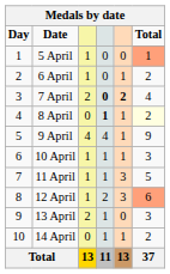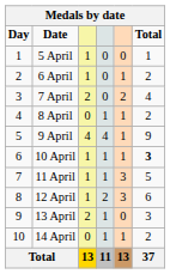 <table class="wikitable" style="font-size:80%; float:right; text-align:center">
 <tr>
 <th colspan=6>Medals by date</th>
 </tr>
 <tr align=center>
 <td><strong>Day</strong></td>
 <td><strong>Date</strong></td>
 <td bgcolor=#f7f6a8></td>
 <td bgcolor=#dce5e5></td>
 <td bgcolor=#ffdab9></td>
 <td><strong>Total</strong></td>
 </tr>
 <tr align=centre>
 <td>1</td>
 <td>5 April</td>
 <td bgcolor=#f7f6a8>1</td>
 <td bgcolor=#dce5e5>0</td>
 <td bgcolor=#ffdab9>0</td>
-<td style="background: lightsalmon;">1</td>
+<td>1</td>
 </tr>
 <tr align=center>
 <td>2</td>
 <td>6 April</td>
 <td bgcolor=#f7f6a8>1</td>
 <td bgcolor=#dce5e5>0</td>
 <td bgcolor=#ffdab9>1</td>
 <td>2</td>
 </tr>
 <tr align=center>
 <td>3</td>
 <td>7 April</td>
 <td bgcolor=#f7f6a8>2</td>
-<td bgcolor=#dce5e5><strong>0</strong></td>
-<td bgcolor=#ffdab9><strong>2</strong></td>
+<td bgcolor=#dce5e5>0</td>
+<td bgcolor=#ffdab9>2</td>
 <td>4</td>
 </tr>
 <tr align=center>
 <td>4</td>
 <td>8 April</td>
 <td bgcolor=#f7f6a8>0</td>
-<td bgcolor=#dce5e5><strong>1</strong></td>
+<td bgcolor=#dce5e5>1</td>
 <td bgcolor=#ffdab9>1</td>
-<td style="background: lightyellow;">2</td>
+<td>2</td>
 </tr>
 <tr align=center>
 <td>5</td>
 <td>9 April</td>
 <td bgcolor=#f7f6a8>4</td>
 <td bgcolor=#dce5e5>4</td>
 <td bgcolor=#ffdab9>1</td>
 <td>9</td>
 </tr>
 <tr align=center>
 <td>6</td>
 <td>10 April</td>
 <td bgcolor=#f7f6a8>1</td>
 <td bgcolor=#dce5e5>1</td>
 <td bgcolor=#ffdab9>1</td>
-<td>3</td>
+<td><strong>3</strong></td>
 </tr>
 <tr align=center>
 <td>7</td>
 <td>11 April</td>
 <td bgcolor=#f7f6a8>1</td>
 <td bgcolor=#dce5e5>1</td>
 <td bgcolor=#ffdab9>3</td>
 <td>5</td>
 </tr>
 <tr align=center>
 <td>8</td>
 <td>12 April</td>
 <td bgcolor=#f7f6a8>1</td>
 <td bgcolor=#dce5e5>2</td>
 <td bgcolor=#ffdab9>3</td>
-<td style="background: lightsalmon;">6</td>
+<td>6</td>
 </tr>
 <tr align=center>
 <td>9</td>
 <td>13 April</td>
 <td bgcolor=#f7f6a8>2</td>
 <td bgcolor=#dce5e5>1</td>
 <td bgcolor=#ffdab9>0</td>
 <td>3</td>
 </tr>
 <tr align=center>
 <td>10</td>
 <td>14 April</td>
 <td bgcolor=#f7f6a8>0</td>
 <td bgcolor=#dce5e5>1</td>
 <td bgcolor=#ffdab9>1</td>
 <td>2</td>
 </tr>
 <tr align=center>
 <th colspan=2!bgcolor=#efefef>Total</th>
 <th style="background:gold;">13</th>
 <th style="background:silver;">11</th>
 <th style="background:#c96;">13</th>
 <th>37</th>
 </tr>
 </table>
